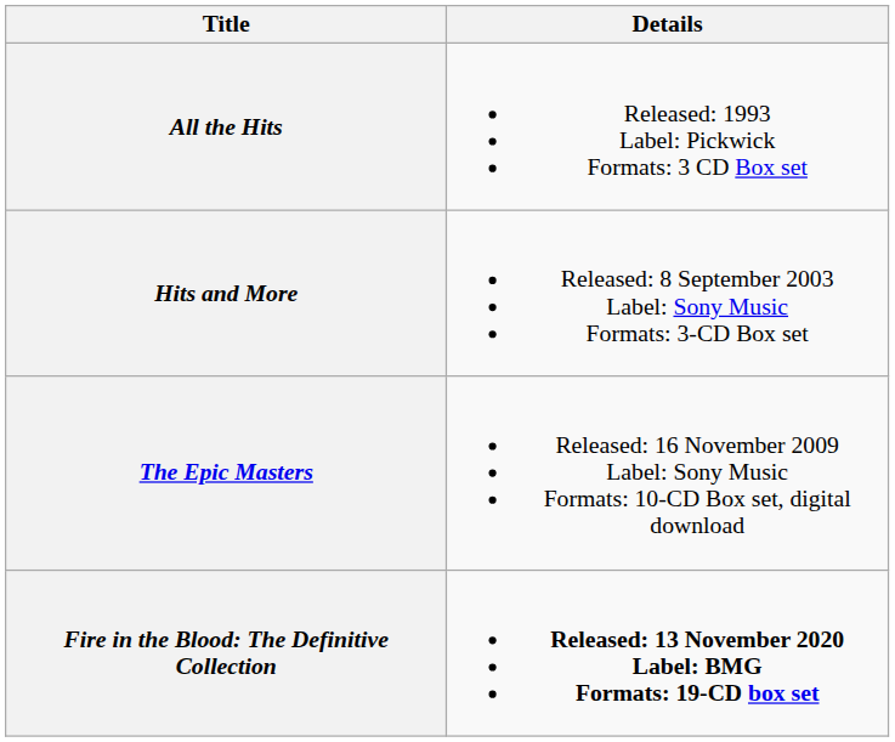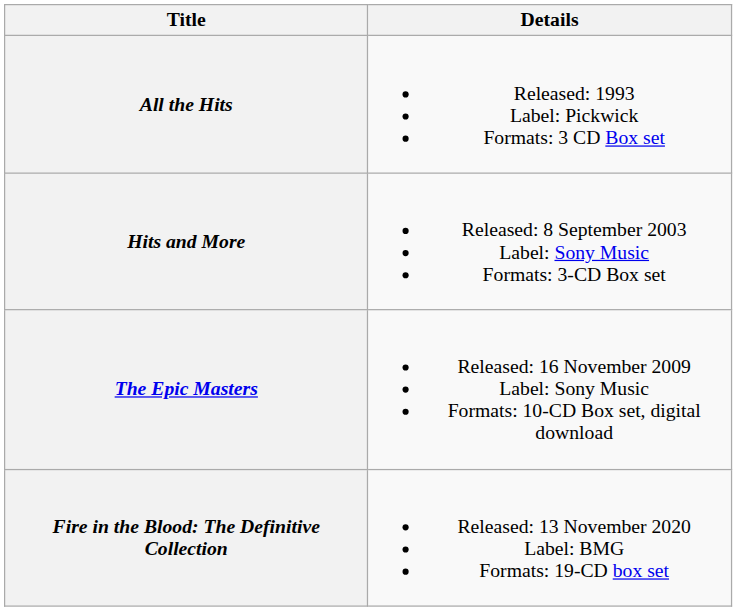 <table class="wikitable plainrowheaders" style="text-align:center;">
 <tr>
 <th scope="col" style="width:18em;">Title</th>
 <th scope="col" style="width:18em;">Details</th>
 </tr>
 <tr>
 <th scope="row"><em>All the Hits</em></th>
 <td><br><ul><li>Released: 1993</li><li>Label: Pickwick</li><li>Formats: 3 CD <a href='#'>Box set</a></li></ul></td>
 </tr>
 <tr>
 <th scope="row"><em>Hits and More</em></th>
 <td><br><ul><li>Released: 8 September 2003</li><li>Label: <a href='#'>Sony Music</a></li><li>Formats: 3-CD Box set</li></ul></td>
 </tr>
 <tr>
 <th scope="row"><em><a href='#'>The Epic Masters</a></em></th>
 <td><br><ul><li>Released: 16 November 2009</li><li>Label: Sony Music</li><li>Formats: 10-CD Box set, digital download</li></ul></td>
 </tr>
 <tr>
 <th scope="row"><em>Fire in the Blood: The Definitive Collection</em></th>
-<td><strong><br><ul><li>Released: 13 November 2020</li><li>Label: BMG</li><li>Formats: 19-CD <a href='#'>box set</a></li></ul></strong></td>
+<td><br><ul><li>Released: 13 November 2020</li><li>Label: BMG</li><li>Formats: 19-CD <a href='#'>box set</a></li></ul></td>
 </tr>
 </table>
